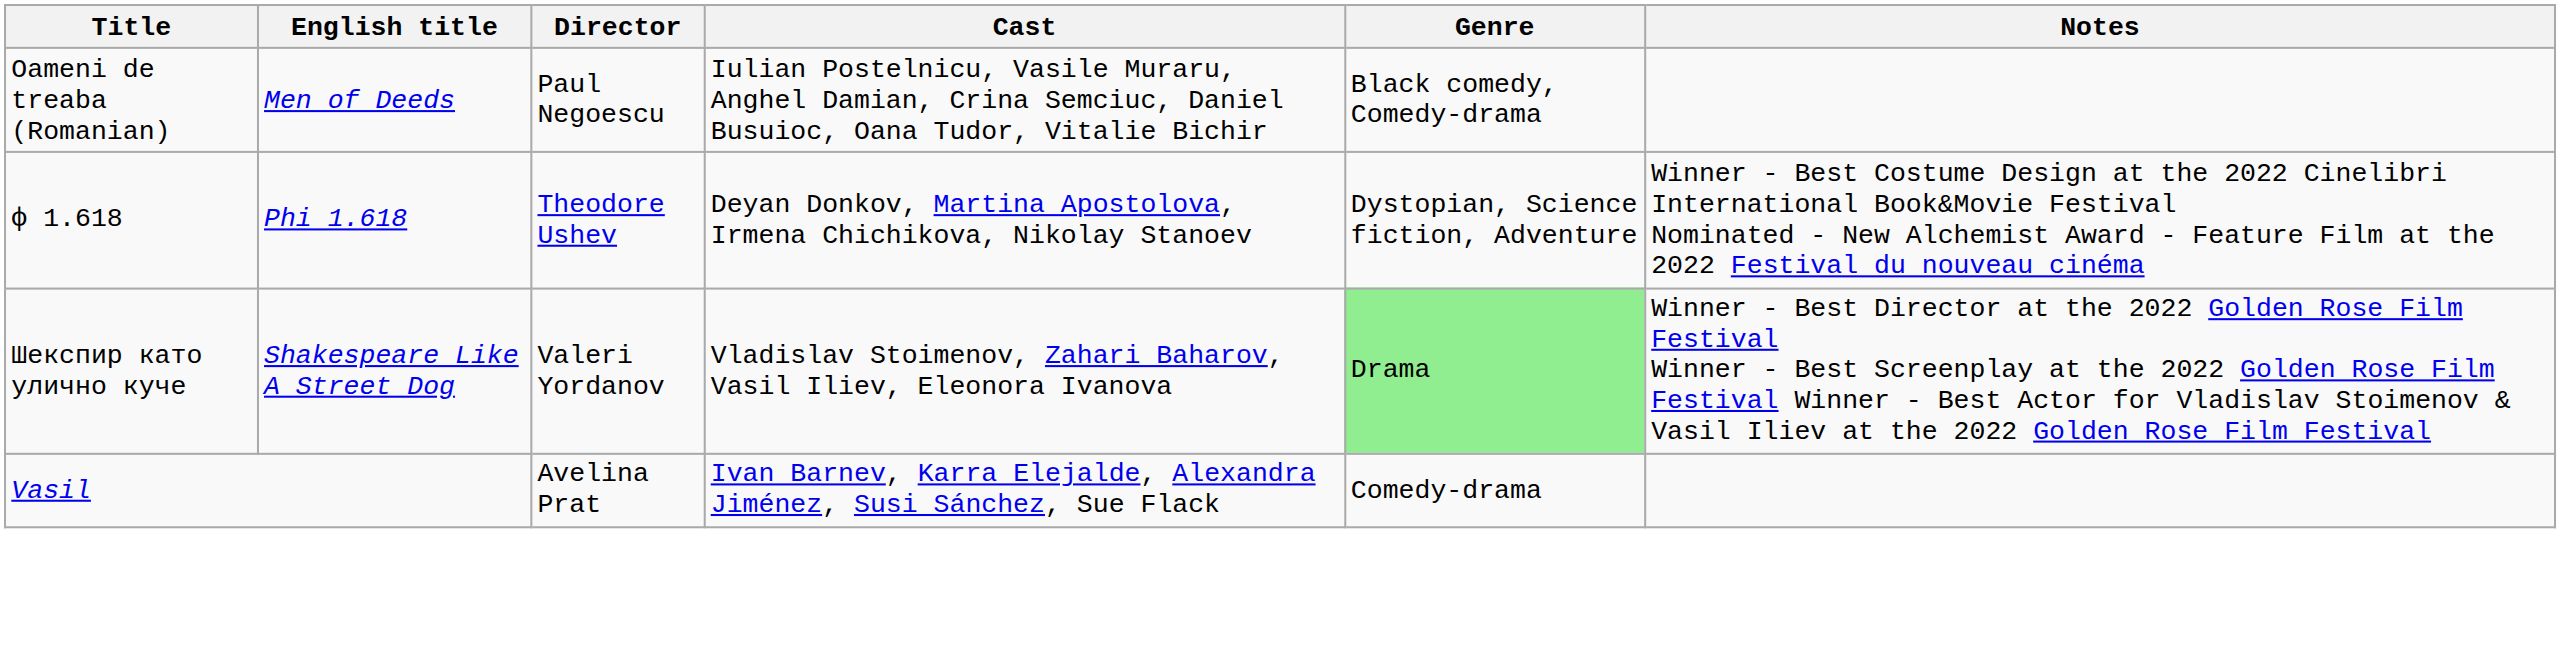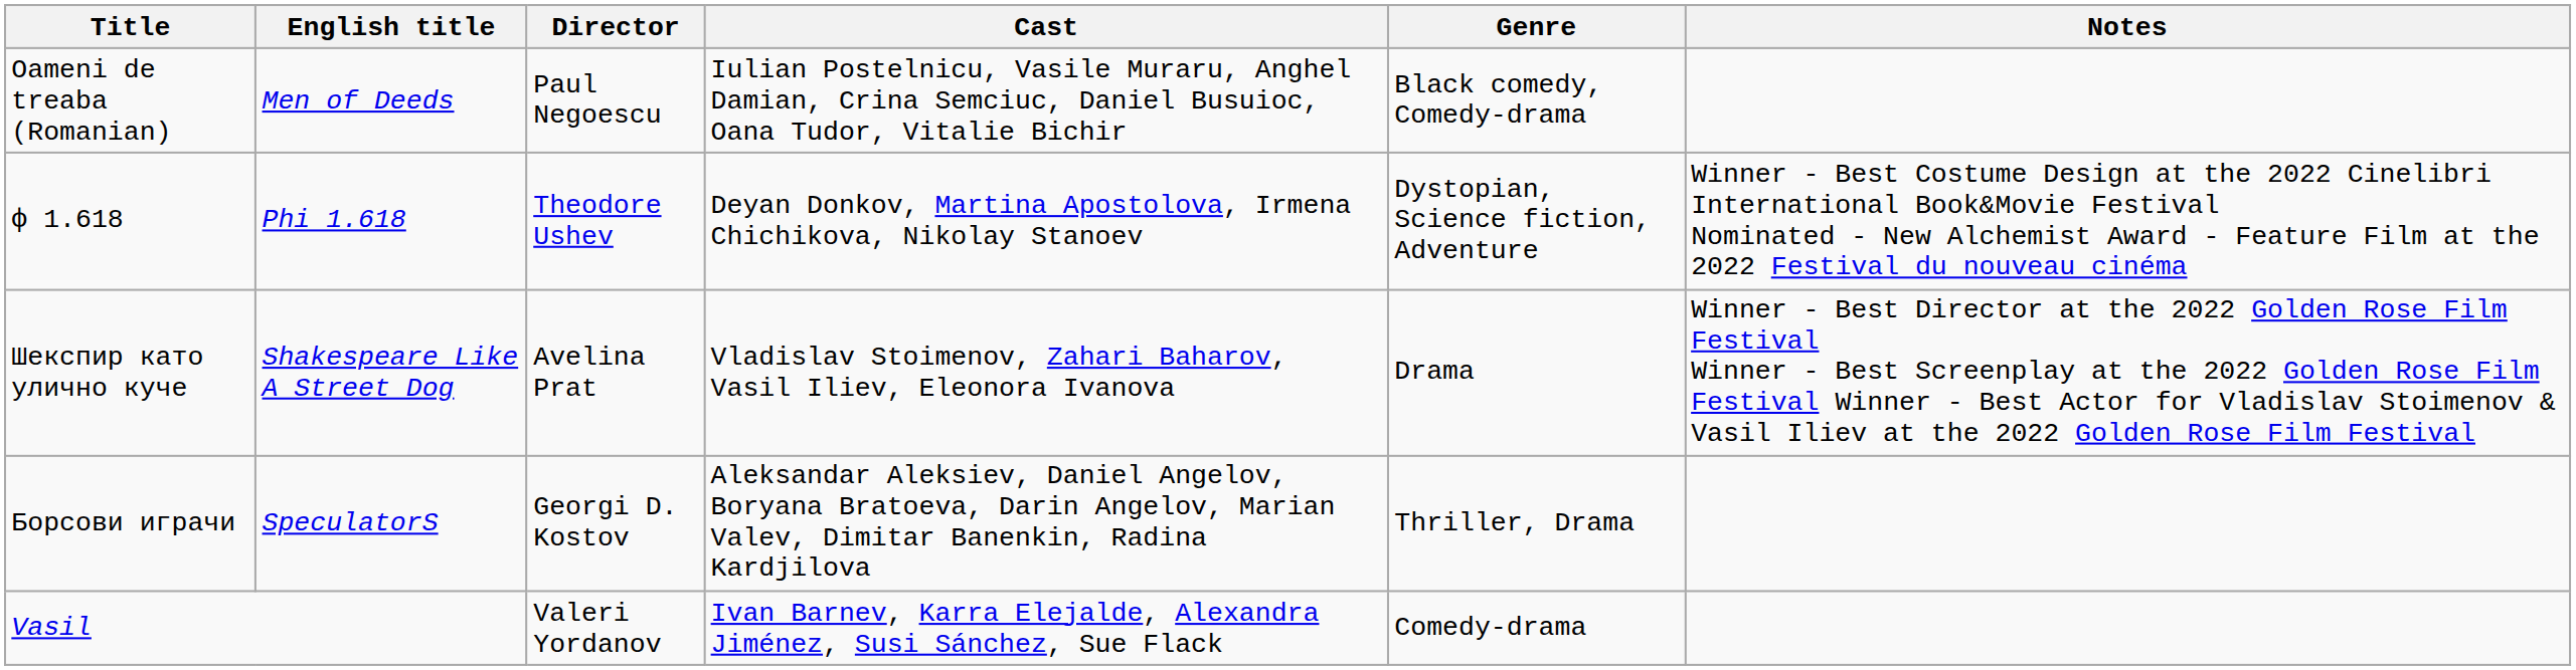 <table class="wikitable">
 <tr>
 <th>Title</th>
 <th>English title</th>
 <th>Director</th>
 <th>Cast</th>
 <th>Genre</th>
 <th>Notes</th>
 </tr>
 <tr>
 <td>Oameni de treaba (Romanian)</td>
 <td><em><a href='#'>Men of Deeds</a></em></td>
 <td>Paul Negoescu</td>
 <td>Iulian Postelnicu, Vasile Muraru, Anghel Damian, Crina Semciuc, Daniel Busuioc, Oana Tudor, Vitalie Bichir</td>
 <td>Black comedy, Comedy-drama</td>
 <td></td>
 </tr>
 <tr>
 <td>ф 1.618</td>
 <td><em><a href='#'>Phi 1.618</a></em></td>
 <td><a href='#'>Theodore Ushev</a></td>
 <td>Deyan Donkov, <a href='#'>Martina Apostolova</a>, Irmena Chichikova, Nikolay Stanoev</td>
 <td>Dystopian, Science fiction, Adventure</td>
 <td>Winner - Best Costume Design at the 2022 Cinelibri International Book&Movie Festival<br>Nominated - New Alchemist Award - Feature Film at the 2022 <a href='#'>Festival du nouveau cinéma</a></td>
 </tr>
 <tr>
 <td>Шекспир като улично куче</td>
 <td><em><a href='#'>Shakespeare Like A Street Dog</a></em></td>
-<td>Valeri Yordanov</td>
+<td>Avelina Prat</td>
 <td>Vladislav Stoimenov, <a href='#'>Zahari Baharov</a>, Vasil Iliev, Eleonora Ivanova</td>
-<td style="background: lightgreen;">Drama</td>
+<td>Drama</td>
 <td>Winner - Best Director at the 2022 <a href='#'>Golden Rose Film Festival</a><br>Winner - Best Screenplay at the 2022 <a href='#'>Golden Rose Film Festival</a> Winner - Best Actor for Vladislav Stoimenov & Vasil Iliev at the 2022 <a href='#'>Golden Rose Film Festival</a></td>
 </tr>
 <tr>
+<td>Борсови играчи</td>
+<td><em><a href='#'>SpeculatorS</a></em></td>
+<td>Georgi D. Kostov</td>
+<td>Aleksandar Aleksiev, Daniel Angelov, Boryana Bratoeva, Darin Angelov, Marian Valev, Dimitar Banenkin, Radina Kardjilova</td>
+<td>Thriller, Drama</td>
+<td></td>
+</tr>
+<tr>
 <td colspan="2"><em><a href='#'>Vasil</a></em></td>
-<td>Avelina Prat</td>
+<td>Valeri Yordanov</td>
 <td><a href='#'>Ivan Barnev</a>, <a href='#'>Karra Elejalde</a>, <a href='#'>Alexandra Jiménez</a>, <a href='#'>Susi Sánchez</a>, Sue Flack</td>
 <td>Comedy-drama</td>
 <td></td>
 </tr>
 </table>
